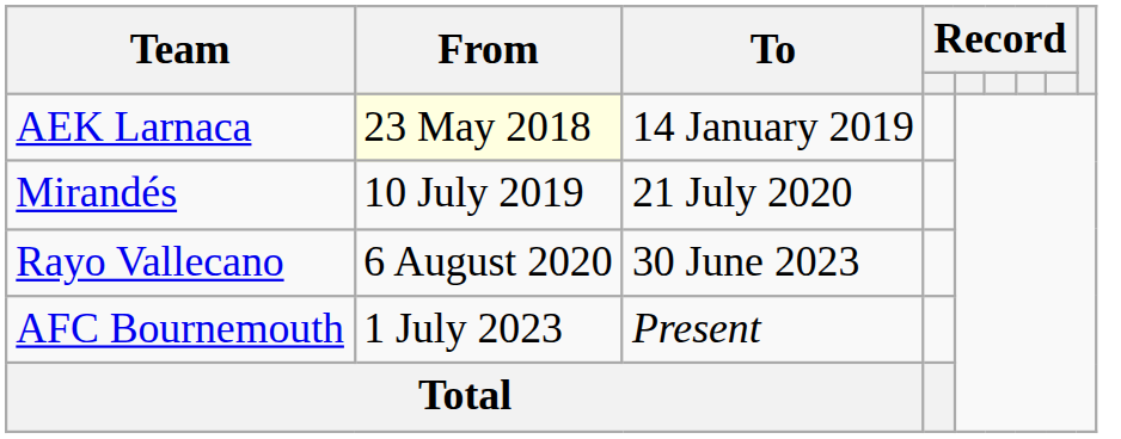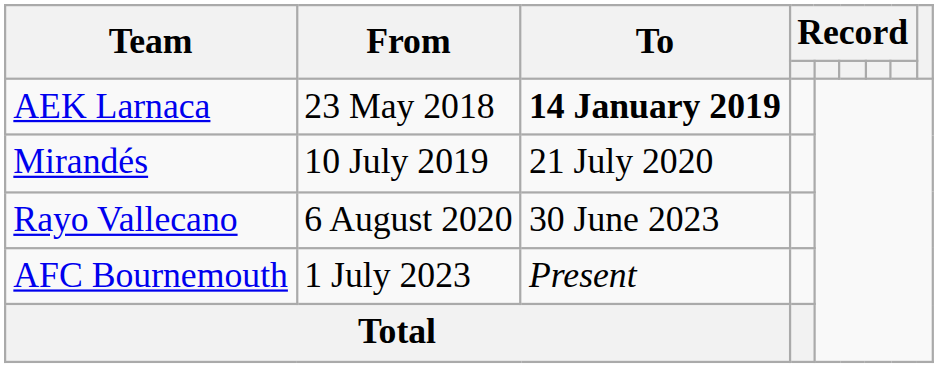 <table class="wikitable" style="text-align: center;">
 <tr>
 <th rowspan="2">Team</th>
 <th rowspan="2">From</th>
 <th rowspan="2">To</th>
 <th colspan="5">Record</th>
 <th rowspan="2"></th>
 </tr>
 <tr>
 <th></th>
 <th></th>
 <th></th>
 <th></th>
 <th></th>
 </tr>
 <tr>
 <td align="left"><a href='#'>AEK Larnaca</a></td>
-<td align="left" style="background: lightyellow;">23 May 2018</td>
-<td align="left">14 January 2019<br></td>
+<td align="left">23 May 2018</td>
+<td align="left"><strong>14 January 2019<br></strong></td>
 <td></td>
 </tr>
 <tr>
 <td align="left"><a href='#'>Mirandés</a></td>
 <td align="left">10 July 2019</td>
 <td align="left">21 July 2020<br></td>
 <td></td>
 </tr>
 <tr>
 <td align="left"><a href='#'>Rayo Vallecano</a></td>
 <td align="left">6 August 2020</td>
 <td align="left">30 June 2023<br></td>
 <td></td>
 </tr>
 <tr>
 <td align="left"><a href='#'>AFC Bournemouth</a></td>
 <td align="left">1 July 2023</td>
 <td align="left"><em>Present</em><br></td>
 <td></td>
 </tr>
 <tr>
 <th colspan="3">Total<br></th>
 <th></th>
 </tr>
 </table>
